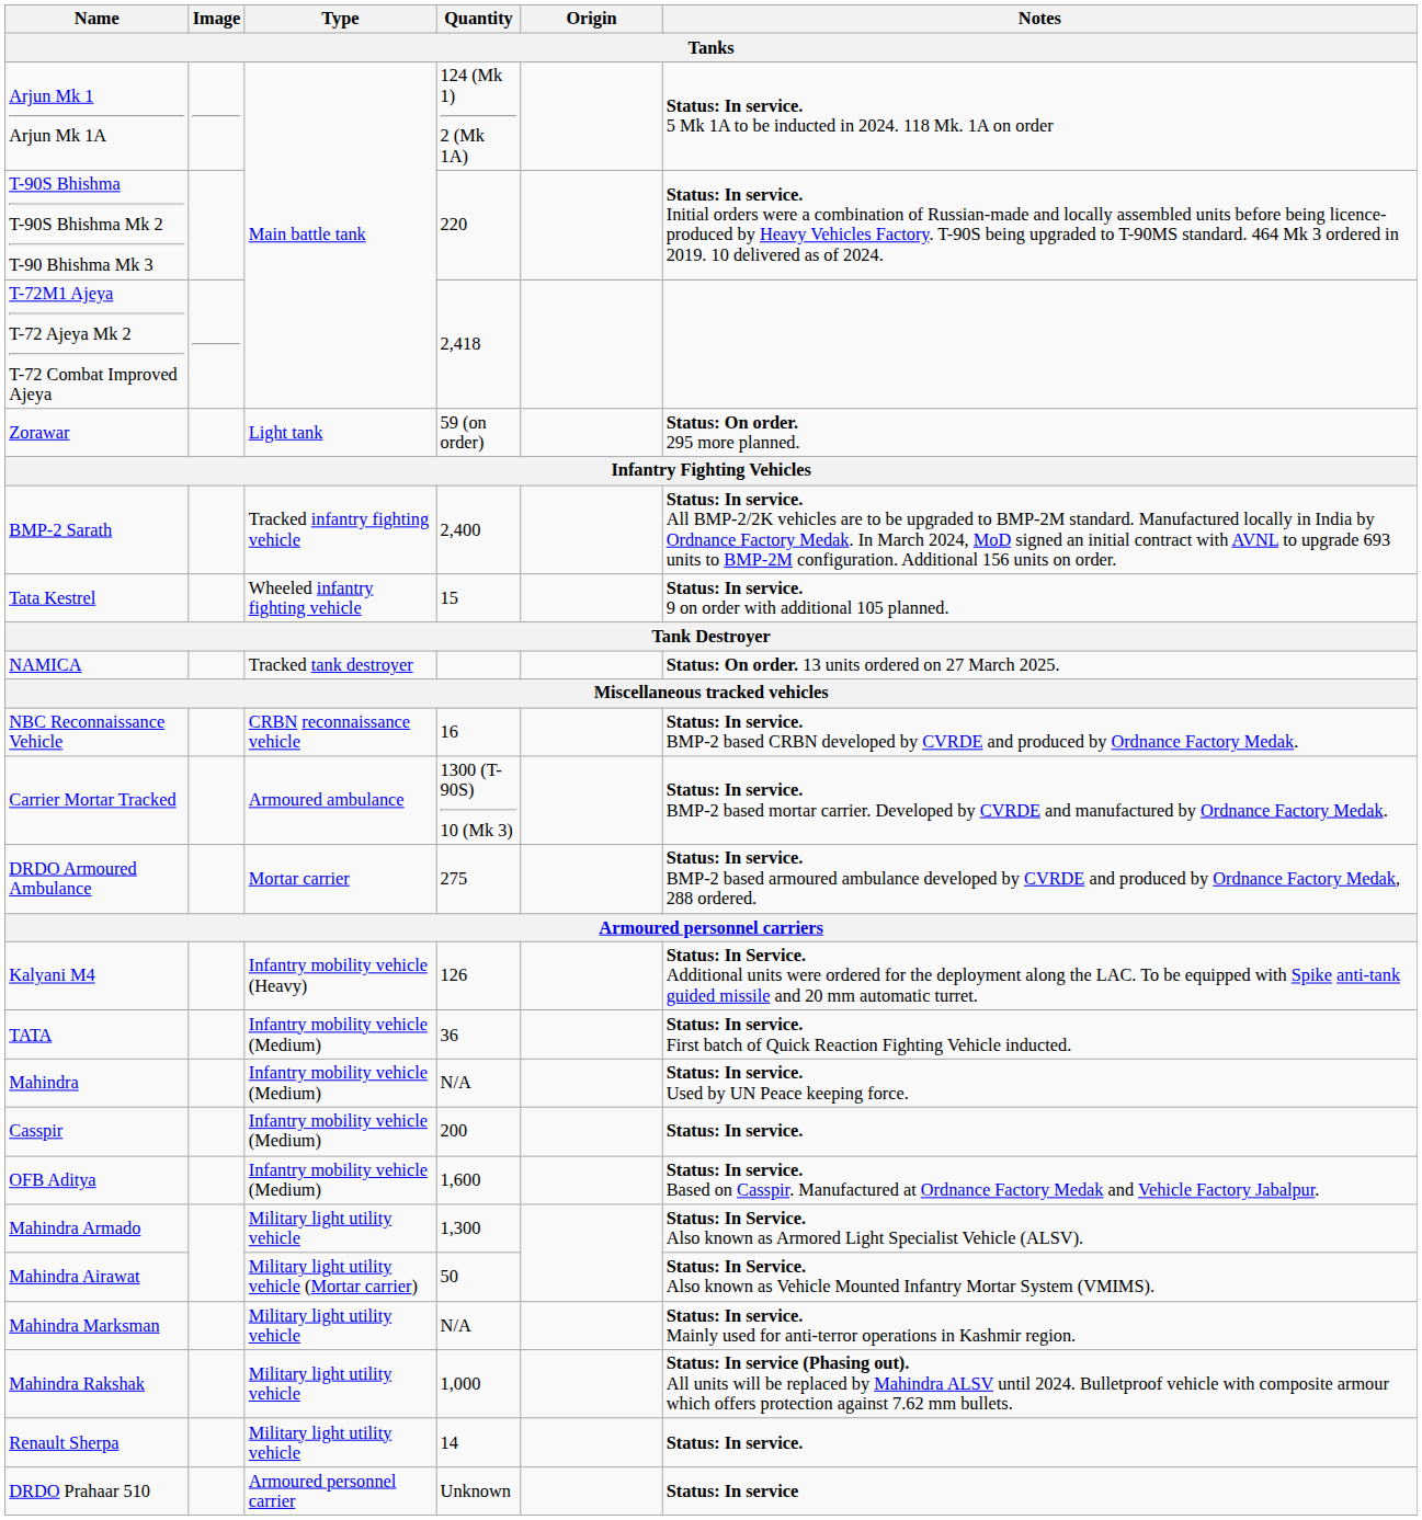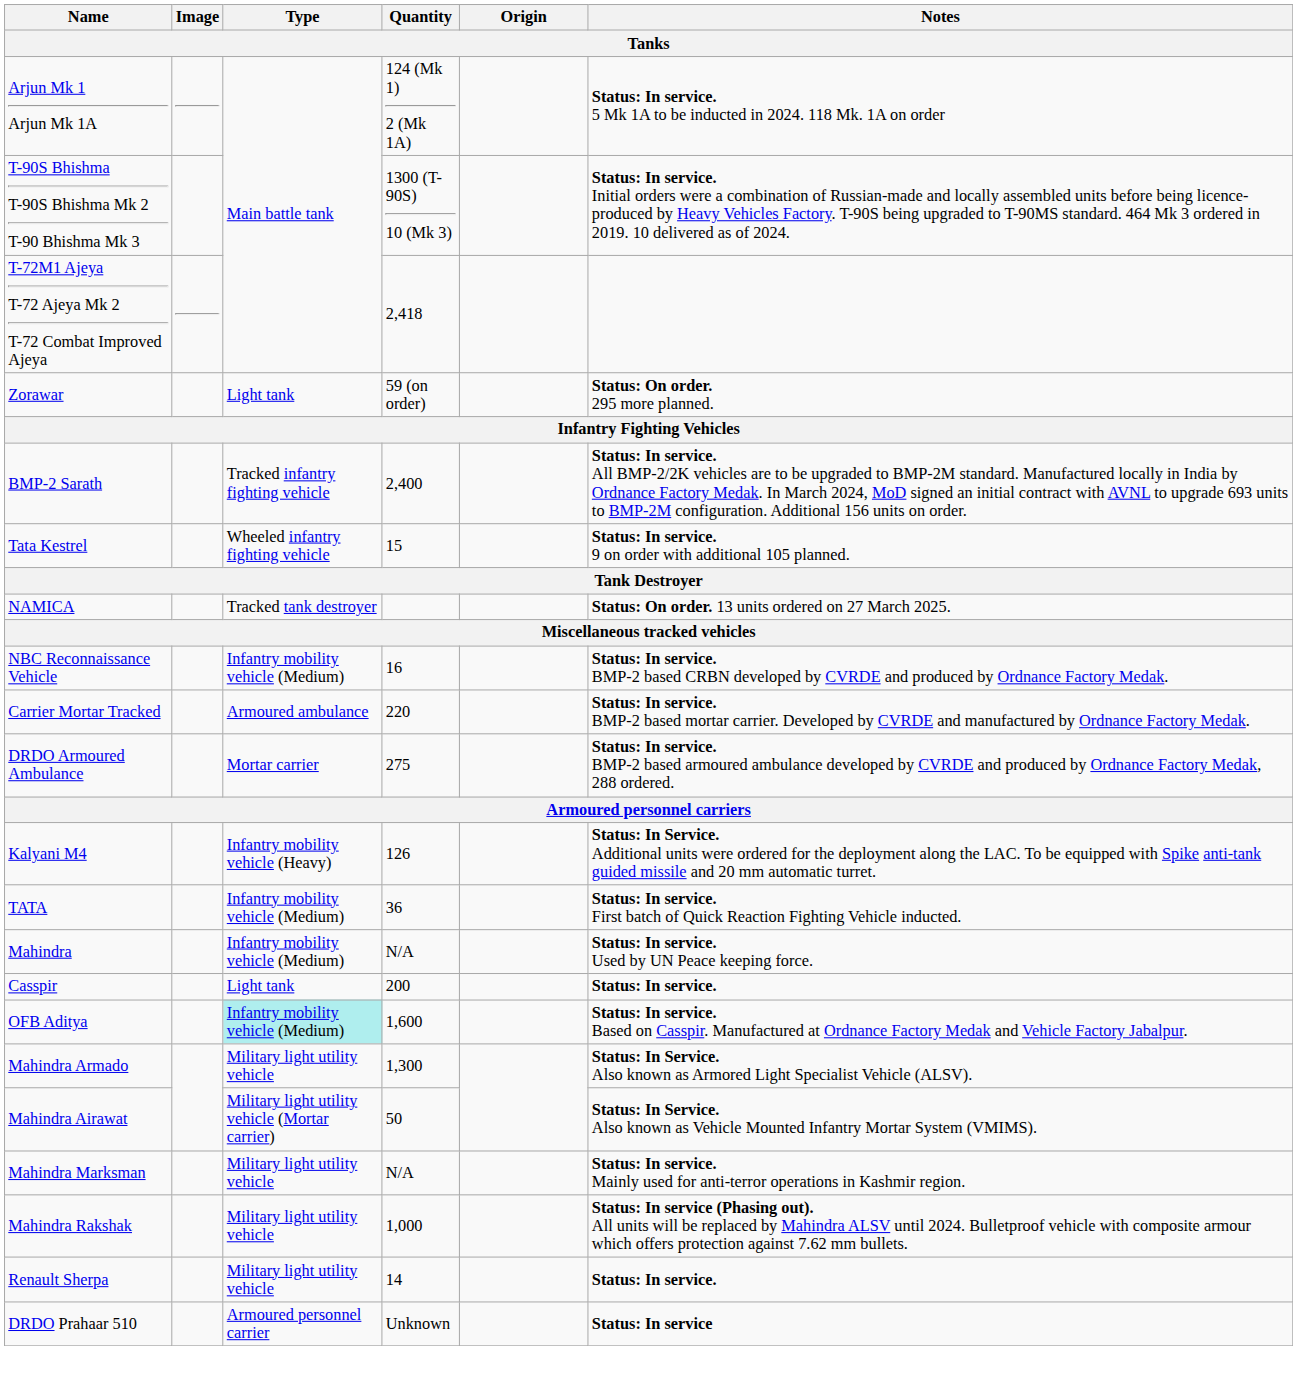 <table class="wikitable" style="width:100%;">
 <tr>
 <th style="width:13%;">Name</th>
 <th style="width:1%;">Image</th>
 <th>Type</th>
 <th style="width:6%;">Quantity</th>
 <th style="width:10%;Reveryed">Origin</th>
 <th>Notes</th>
 </tr>
 <tr>
 <th colspan="6" style="align: center;">Tanks</th>
 </tr>
 <tr>
 <td><a href='#'>Arjun Mk 1</a><hr>Arjun Mk 1A</td>
 <td> <hr> </td>
 <td rowspan="3"><a href='#'>Main battle tank</a></td>
 <td>124 (Mk 1) <hr> 2 (Mk 1A)</td>
 <td></td>
 <td><strong>Status: In service.</strong><br>5 Mk 1A to be inducted in 2024. 118 Mk. 1A on order</td>
 </tr>
 <tr>
 <td><a href='#'>T-90S Bhishma</a> <hr> T-90S Bhishma Mk 2<hr> T-90 Bhishma Mk 3</td>
 <td></td>
-<td>220</td>
+<td>1300 (T-90S) <hr> 10 (Mk 3)</td>
 <td><br><br></td>
 <td><strong>Status: In service.</strong><br>Initial orders were a combination of Russian-made and locally assembled units before being licence-produced by <a href='#'>Heavy Vehicles Factory</a>. T-90S being upgraded to T-90MS standard. 464 Mk 3 ordered in 2019. 10 delivered as of 2024.</td>
 </tr>
 <tr>
 <td><a href='#'>T-72M1 Ajeya</a><hr>T-72 Ajeya Mk 2 <hr>T-72 Combat Improved Ajeya</td>
 <td><hr></td>
 <td>2,418</td>
 <td><br><br></td>
 <td></td>
 </tr>
 <tr>
 <td><a href='#'>Zorawar</a></td>
 <td></td>
 <td><a href='#'>Light tank</a></td>
 <td>59 (on order)</td>
 <td></td>
 <td><strong>Status: On order.</strong><br>295 more planned.</td>
 </tr>
 <tr>
 <th colspan="6" style="align: center;">Infantry Fighting Vehicles</th>
 </tr>
 <tr>
 <td><a href='#'>BMP-2 Sarath</a></td>
 <td></td>
 <td>Tracked <a href='#'>infantry fighting vehicle</a></td>
 <td>2,400</td>
 <td><br></td>
 <td><strong>Status: In service.</strong><br>All BMP-2/2K vehicles are to be upgraded to BMP-2M standard. Manufactured locally in India by <a href='#'>Ordnance Factory Medak</a>. In March 2024, <a href='#'>MoD</a> signed an initial contract with <a href='#'>AVNL</a> to upgrade 693 units to <a href='#'>BMP-2M</a> configuration. Additional 156 units on order.</td>
 </tr>
 <tr>
 <td><a href='#'>Tata Kestrel</a></td>
 <td></td>
 <td>Wheeled <a href='#'>infantry fighting vehicle</a></td>
 <td>15</td>
 <td></td>
 <td><strong>Status: In service.</strong><br>9 on order with additional 105 planned.</td>
 </tr>
 <tr>
 <th colspan="6">Tank Destroyer</th>
 </tr>
 <tr>
 <td><a href='#'>NAMICA</a></td>
 <td></td>
 <td>Tracked <a href='#'>tank destroyer</a></td>
 <td></td>
 <td></td>
 <td><strong>Status: On order.</strong> 13 units ordered on 27 March 2025.</td>
 </tr>
 <tr>
 <th colspan="6" style="align: center;">Miscellaneous tracked vehicles</th>
 </tr>
 <tr>
 <td><a href='#'>NBC Reconnaissance Vehicle</a></td>
 <td></td>
-<td><a href='#'>CRBN</a> <a href='#'>reconnaissance vehicle</a></td>
+<td><a href='#'>Infantry mobility vehicle</a> (Medium)</td>
 <td>16</td>
 <td></td>
 <td><strong>Status: In service.</strong><br>BMP-2 based CRBN developed by <a href='#'>CVRDE</a> and produced by <a href='#'>Ordnance Factory Medak</a>.</td>
 </tr>
 <tr>
 <td><a href='#'>Carrier Mortar Tracked</a></td>
 <td></td>
 <td><a href='#'>Armoured ambulance</a></td>
-<td>1300 (T-90S) <hr> 10 (Mk 3)</td>
+<td>220</td>
 <td></td>
 <td><strong>Status: In service.</strong><br>BMP-2 based mortar carrier. Developed by <a href='#'>CVRDE</a> and manufactured by <a href='#'>Ordnance Factory Medak</a>.</td>
 </tr>
 <tr>
 <td><a href='#'>DRDO Armoured Ambulance</a></td>
 <td></td>
 <td><a href='#'>Mortar carrier</a></td>
 <td>275</td>
 <td></td>
 <td><strong>Status: In service.</strong><br>BMP-2 based armoured ambulance developed by <a href='#'>CVRDE</a> and produced by <a href='#'>Ordnance Factory Medak</a>, 288 ordered.</td>
 </tr>
 <tr>
 <th colspan="6" style="align: center;"><a href='#'>Armoured personnel carriers</a></th>
 </tr>
 <tr>
 <td><a href='#'>Kalyani M4</a></td>
 <td></td>
 <td><a href='#'>Infantry mobility vehicle</a> (Heavy)</td>
 <td>126</td>
 <td></td>
 <td><strong>Status: In Service.</strong><br>Additional units were ordered for the deployment along the LAC. To be equipped with <a href='#'>Spike</a> <a href='#'>anti-tank guided missile</a> and 20 mm automatic turret.</td>
 </tr>
 <tr>
 <td><a href='#'>TATA</a> </td>
 <td></td>
 <td><a href='#'>Infantry mobility vehicle</a> (Medium)</td>
 <td>36</td>
 <td></td>
 <td><strong>Status: In service. </strong><br>First batch of Quick Reaction Fighting Vehicle inducted.</td>
 </tr>
 <tr>
 <td><a href='#'>Mahindra</a> </td>
 <td></td>
 <td><a href='#'>Infantry mobility vehicle</a> (Medium)</td>
 <td>N/A</td>
 <td></td>
 <td><strong>Status: In service. </strong><br>Used by UN Peace keeping force.</td>
 </tr>
 <tr>
 <td><a href='#'>Casspir</a></td>
 <td></td>
-<td><a href='#'>Infantry mobility vehicle</a> (Medium)</td>
+<td><a href='#'>Light tank</a></td>
 <td>200</td>
 <td></td>
 <td><strong>Status: In service.</strong></td>
 </tr>
 <tr>
 <td><a href='#'>OFB Aditya</a></td>
 <td></td>
-<td><a href='#'>Infantry mobility vehicle</a> (Medium)</td>
+<td style="background: paleturquoise;"><a href='#'>Infantry mobility vehicle</a> (Medium)</td>
 <td>1,600</td>
 <td></td>
 <td><strong>Status: In service.</strong><br>Based on <a href='#'>Casspir</a>. Manufactured at <a href='#'>Ordnance Factory Medak</a> and <a href='#'>Vehicle Factory Jabalpur</a>.</td>
 </tr>
 <tr>
 <td><a href='#'>Mahindra Armado</a></td>
 <td rowspan="2"></td>
 <td><a href='#'>Military light utility vehicle</a></td>
 <td>1,300</td>
 <td rowspan="2"></td>
 <td><strong>Status: In Service.</strong><br>Also known as Armored Light Specialist Vehicle (ALSV).</td>
 </tr>
 <tr>
 <td><a href='#'>Mahindra Airawat</a></td>
 <td><a href='#'>Military light utility vehicle</a> (<a href='#'>Mortar carrier</a>)</td>
 <td>50</td>
 <td><strong>Status: In Service.</strong><br>Also known as Vehicle Mounted Infantry Mortar System (VMIMS).</td>
 </tr>
 <tr>
 <td><a href='#'>Mahindra Marksman</a></td>
 <td></td>
 <td><a href='#'>Military light utility vehicle</a></td>
 <td>N/A</td>
 <td></td>
 <td><strong>Status: In service.</strong><br>Mainly used for anti-terror operations in Kashmir region.</td>
 </tr>
 <tr>
 <td><a href='#'>Mahindra Rakshak</a></td>
 <td></td>
 <td><a href='#'>Military light utility vehicle</a></td>
 <td>1,000</td>
 <td></td>
 <td><strong>Status: In service (Phasing out).</strong><br>All units will be replaced by <a href='#'>Mahindra ALSV</a> until 2024. Bulletproof vehicle with composite armour which offers protection against 7.62 mm bullets.</td>
 </tr>
 <tr>
 <td><a href='#'>Renault Sherpa</a></td>
 <td><br></td>
 <td><a href='#'>Military light utility vehicle</a></td>
 <td>14</td>
 <td></td>
 <td><strong>Status: In service.</strong></td>
 </tr>
 <tr>
 <td><a href='#'>DRDO</a> Prahaar 510</td>
 <td></td>
 <td><a href='#'>Armoured personnel carrier</a></td>
 <td>Unknown</td>
 <td></td>
 <td><strong>Status: In service</strong></td>
 </tr>
 </table>
